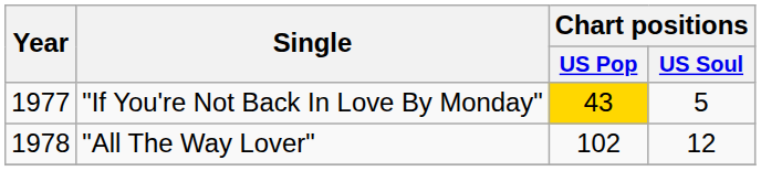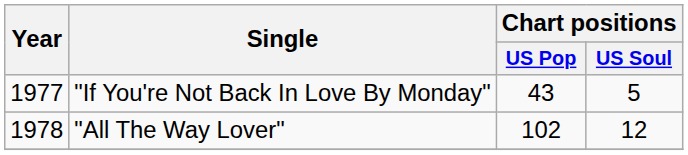 <table class="wikitable" style="text-align:center;">
 <tr>
 <th rowspan="2">Year</th>
 <th rowspan="2">Single</th>
 <th colspan="2">Chart positions</th>
 </tr>
 <tr style="font-size:smaller;">
 <th><a href='#'>US Pop</a></th>
 <th><a href='#'>US Soul</a></th>
 </tr>
 <tr>
 <td rowspan="1">1977</td>
 <td align="left">"If You're Not Back In Love By Monday"</td>
-<td style="background: gold;">43</td>
+<td>43</td>
 <td>5</td>
 </tr>
 <tr>
 <td rowspan="1">1978</td>
 <td align="left">"All The Way Lover"</td>
 <td>102</td>
 <td>12</td>
 </tr>
 <tr>
 </tr>
 </table>
